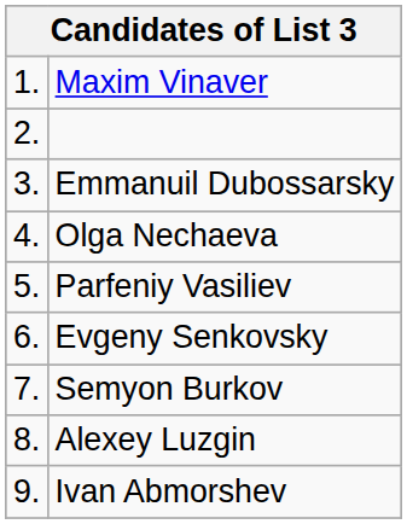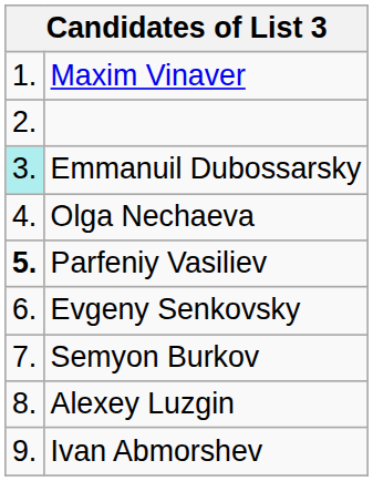 <table class=wikitable>
 <tr>
 <th colspan=3>Candidates of List 3</th>
 </tr>
 <tr>
 <td>1.</td>
 <td><a href='#'>Maxim Vinaver</a></td>
 </tr>
 <tr>
 <td>2.</td>
 <td></td>
 </tr>
 <tr>
-<td>3.</td>
+<td style="background: paleturquoise;">3.</td>
 <td>Emmanuil Dubossarsky</td>
 </tr>
 <tr>
 <td>4.</td>
 <td>Olga Nechaeva</td>
 </tr>
 <tr>
-<td>5.</td>
+<td><strong>5.</strong></td>
 <td>Parfeniy Vasiliev</td>
 </tr>
 <tr>
 <td>6.</td>
 <td>Evgeny Senkovsky</td>
 </tr>
 <tr>
 <td>7.</td>
 <td>Semyon Burkov</td>
 </tr>
 <tr>
 <td>8.</td>
 <td>Alexey Luzgin</td>
 </tr>
 <tr>
 <td>9.</td>
 <td>Ivan Abmorshev</td>
 </tr>
 </table>
